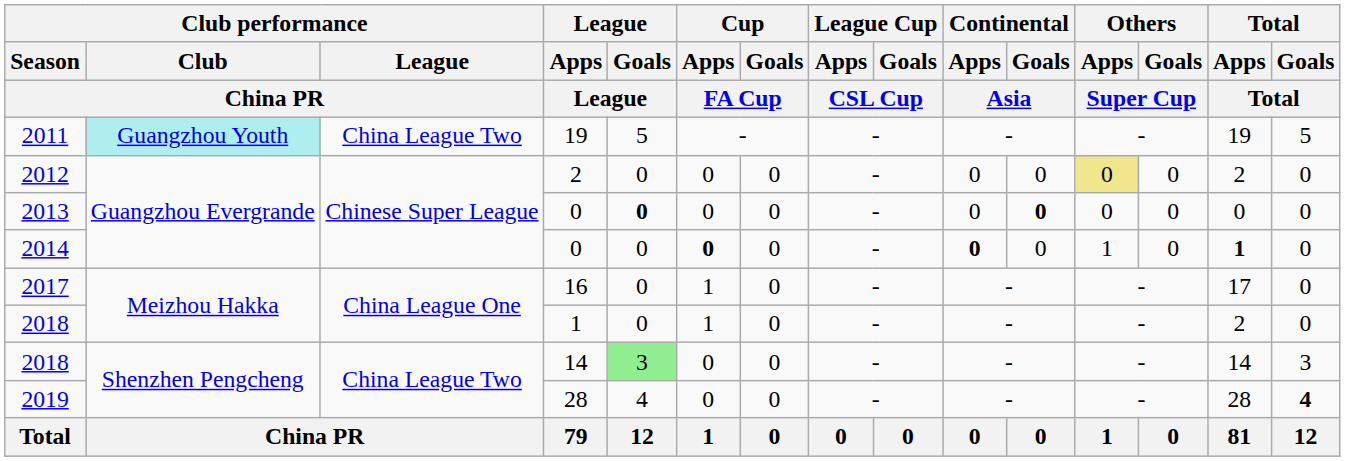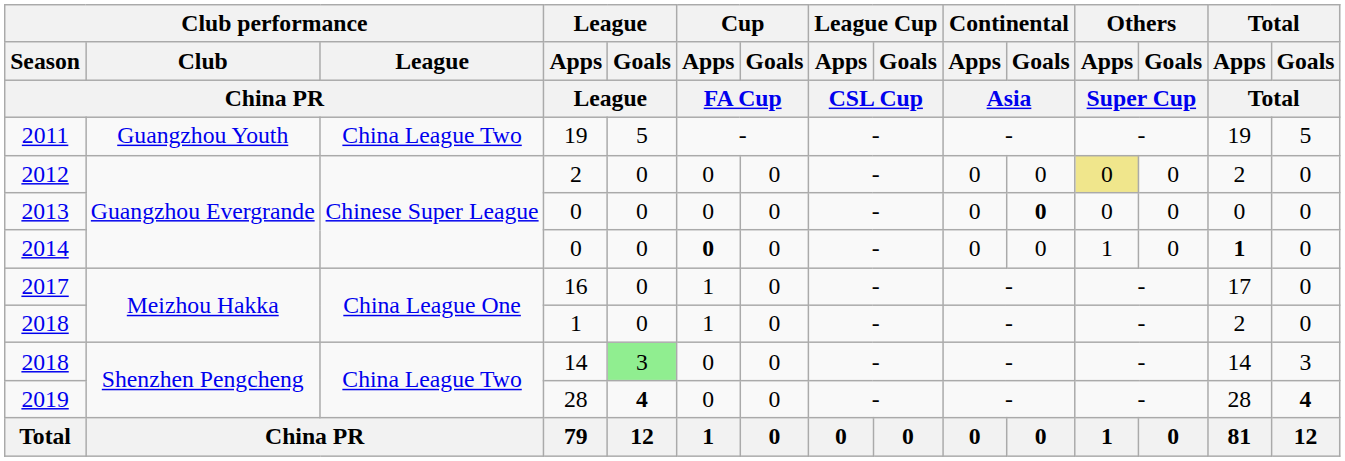 <table class="wikitable" style="text-align:center">
 <tr>
 <th colspan=3>Club performance</th>
 <th colspan=2>League</th>
 <th colspan=2>Cup</th>
 <th colspan=2>League Cup</th>
 <th colspan=2>Continental</th>
 <th colspan=2>Others</th>
 <th colspan=2>Total</th>
 </tr>
 <tr>
 <th>Season</th>
 <th>Club</th>
 <th>League</th>
 <th>Apps</th>
 <th>Goals</th>
 <th>Apps</th>
 <th>Goals</th>
 <th>Apps</th>
 <th>Goals</th>
 <th>Apps</th>
 <th>Goals</th>
 <th>Apps</th>
 <th>Goals</th>
 <th>Apps</th>
 <th>Goals</th>
 </tr>
 <tr>
 <th colspan=3>China PR</th>
 <th colspan=2>League</th>
 <th colspan=2><a href='#'>FA Cup</a></th>
 <th colspan=2><a href='#'>CSL Cup</a></th>
 <th colspan=2><a href='#'>Asia</a></th>
 <th colspan=2><a href='#'>Super Cup</a></th>
 <th colspan=2>Total</th>
 </tr>
 <tr>
 <td><a href='#'>2011</a></td>
-<td style="background: paleturquoise;"><a href='#'>Guangzhou Youth</a></td>
+<td><a href='#'>Guangzhou Youth</a></td>
 <td><a href='#'>China League Two</a></td>
 <td>19</td>
 <td>5</td>
 <td colspan="2">-</td>
 <td colspan="2">-</td>
 <td colspan="2">-</td>
 <td colspan="2">-</td>
 <td>19</td>
 <td>5</td>
 </tr>
 <tr>
 <td><a href='#'>2012</a></td>
 <td rowspan=3><a href='#'>Guangzhou Evergrande</a></td>
 <td rowspan=3><a href='#'>Chinese Super League</a></td>
 <td>2</td>
 <td>0</td>
 <td>0</td>
 <td>0</td>
 <td colspan="2">-</td>
 <td>0</td>
 <td>0</td>
 <td style="background: khaki;">0</td>
 <td>0</td>
 <td>2</td>
 <td>0</td>
 </tr>
 <tr>
 <td><a href='#'>2013</a></td>
 <td>0</td>
-<td><strong>0</strong></td>
+<td>0</td>
 <td>0</td>
 <td>0</td>
 <td colspan="2">-</td>
 <td>0</td>
 <td><strong>0</strong></td>
 <td>0</td>
 <td>0</td>
 <td>0</td>
 <td>0</td>
 </tr>
 <tr>
 <td><a href='#'>2014</a></td>
 <td>0</td>
 <td>0</td>
 <td><strong>0</strong></td>
 <td>0</td>
 <td colspan="2">-</td>
-<td><strong>0</strong></td>
+<td>0</td>
 <td>0</td>
 <td>1</td>
 <td>0</td>
 <td><strong>1</strong></td>
 <td>0</td>
 </tr>
 <tr>
 <td><a href='#'>2017</a></td>
 <td rowspan=2><a href='#'>Meizhou Hakka</a></td>
 <td rowspan=2><a href='#'>China League One</a></td>
 <td>16</td>
 <td>0</td>
 <td>1</td>
 <td>0</td>
 <td colspan="2">-</td>
 <td colspan="2">-</td>
 <td colspan="2">-</td>
 <td>17</td>
 <td>0</td>
 </tr>
 <tr>
 <td><a href='#'>2018</a></td>
 <td>1</td>
 <td>0</td>
 <td>1</td>
 <td>0</td>
 <td colspan="2">-</td>
 <td colspan="2">-</td>
 <td colspan="2">-</td>
 <td>2</td>
 <td>0</td>
 </tr>
 <tr>
 <td><a href='#'>2018</a></td>
 <td rowspan=2><a href='#'>Shenzhen Pengcheng</a></td>
 <td rowspan=2><a href='#'>China League Two</a></td>
 <td>14</td>
 <td style="background: lightgreen;">3</td>
 <td>0</td>
 <td>0</td>
 <td colspan="2">-</td>
 <td colspan="2">-</td>
 <td colspan="2">-</td>
 <td>14</td>
 <td>3</td>
 </tr>
 <tr>
 <td><a href='#'>2019</a></td>
 <td>28</td>
-<td>4</td>
+<td><strong>4</strong></td>
 <td>0</td>
 <td>0</td>
 <td colspan="2">-</td>
 <td colspan="2">-</td>
 <td colspan="2">-</td>
 <td>28</td>
 <td><strong>4</strong></td>
 </tr>
 <tr>
 <th>Total</th>
 <th colspan=2>China PR</th>
 <th>79</th>
 <th>12</th>
 <th>1</th>
 <th>0</th>
 <th>0</th>
 <th>0</th>
 <th>0</th>
 <th>0</th>
 <th>1</th>
 <th>0</th>
 <th>81</th>
 <th>12</th>
 </tr>
 </table>
